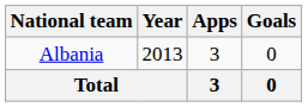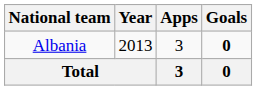 <table class=wikitable style=text-align:center>
 <tr>
 <th>National team</th>
 <th>Year</th>
 <th>Apps</th>
 <th>Goals</th>
 </tr>
 <tr>
 <td><a href='#'>Albania</a></td>
 <td>2013</td>
 <td>3</td>
-<td>0</td>
+<td><strong>0</strong></td>
 </tr>
 <tr>
 <th colspan=2>Total</th>
 <th>3</th>
 <th>0</th>
 </tr>
 </table>
